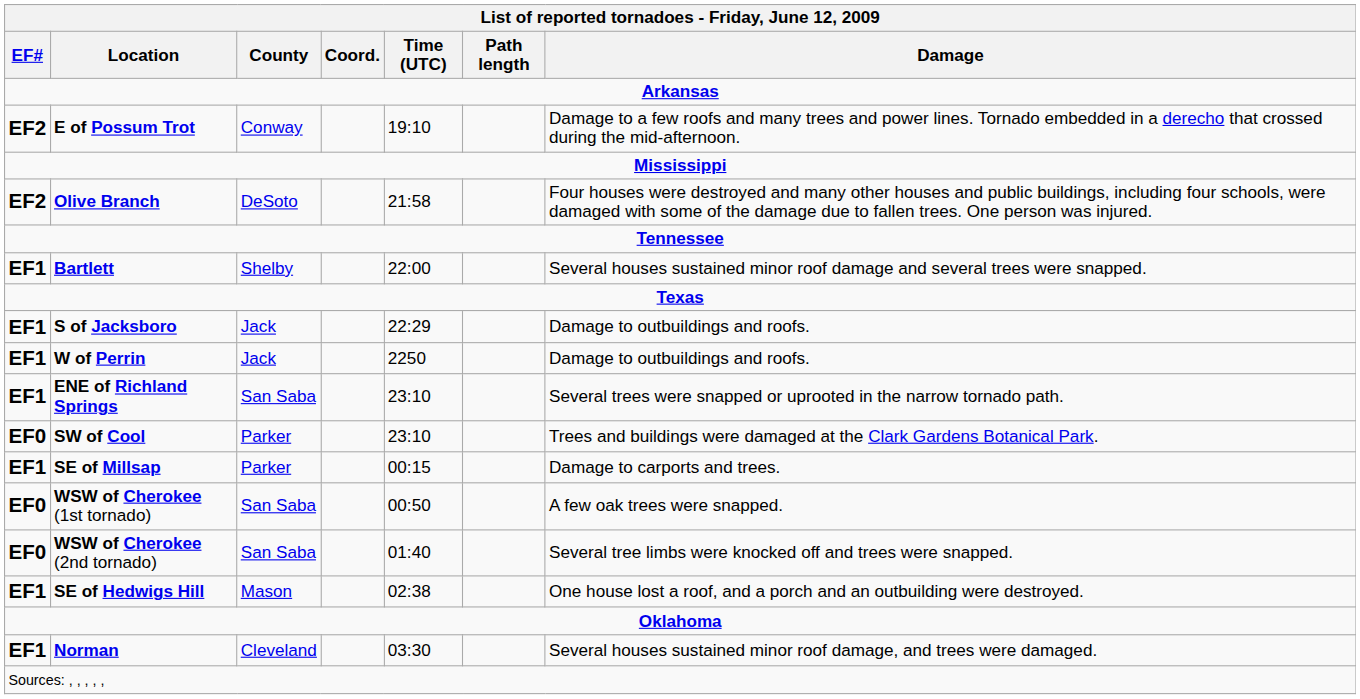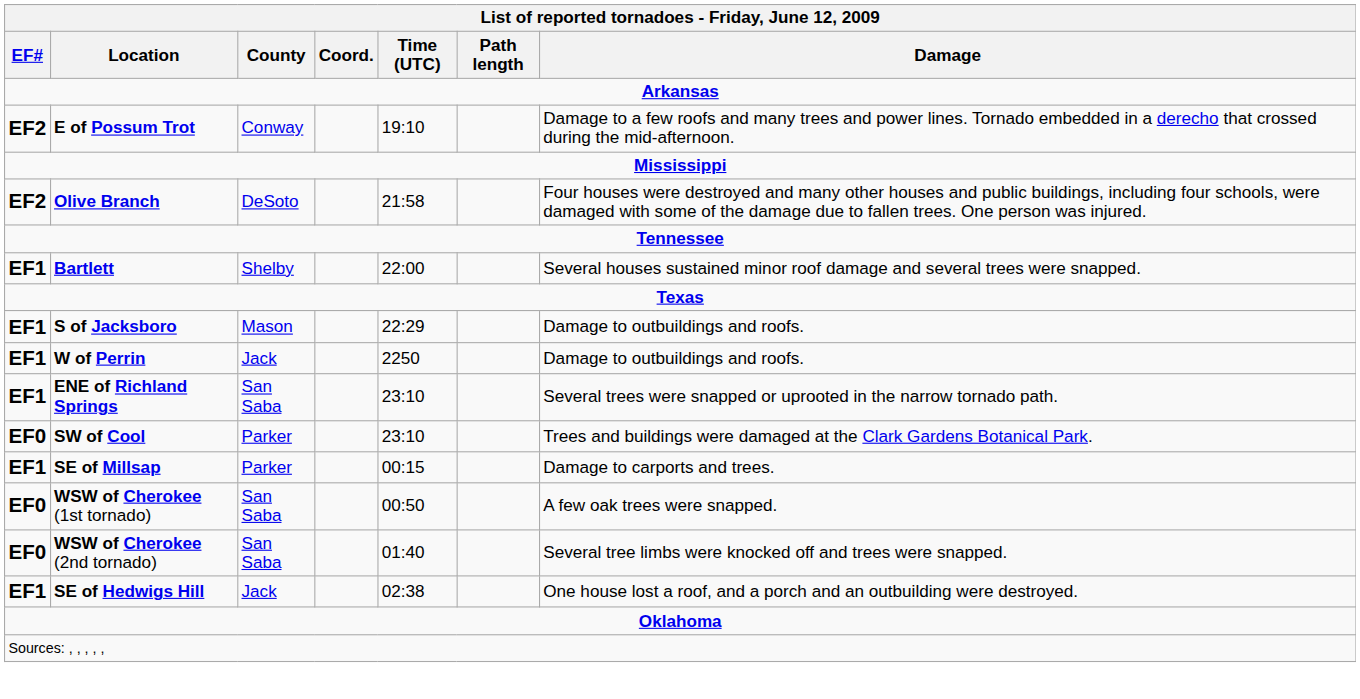 <table class="wikitable collapsible" width="100%">
 <tr>
 <th colspan="7">List of reported tornadoes - Friday, June 12, 2009</th>
 </tr>
 <tr>
 <th><a href='#'>EF#</a></th>
 <th>Location</th>
 <th>County</th>
 <th>Coord.</th>
 <th>Time (UTC)</th>
 <th>Path length</th>
 <th>Damage</th>
 </tr>
 <tr>
 <td colspan="7" align=center><strong><a href='#'>Arkansas</a></strong></td>
 </tr>
 <tr>
 <td><big><strong>EF2</strong></big></td>
 <td><strong>E of <a href='#'>Possum Trot</a></strong></td>
 <td><a href='#'>Conway</a></td>
 <td></td>
 <td>19:10</td>
 <td></td>
 <td>Damage to a few roofs and many trees and power lines. Tornado embedded in a <a href='#'>derecho</a> that crossed during the mid-afternoon.</td>
 </tr>
 <tr>
 <td colspan="7" align=center><strong><a href='#'>Mississippi</a></strong></td>
 </tr>
 <tr>
 <td><big><strong>EF2</strong></big></td>
 <td><strong><a href='#'>Olive Branch</a></strong></td>
 <td><a href='#'>DeSoto</a></td>
 <td></td>
 <td>21:58</td>
 <td></td>
 <td>Four houses were destroyed and many other houses and public buildings, including four schools, were damaged with some of the damage due to fallen trees. One person was injured.</td>
 </tr>
 <tr>
 <td colspan="7" align=center><strong><a href='#'>Tennessee</a></strong></td>
 </tr>
 <tr>
 <td><big><strong>EF1</strong></big></td>
 <td><strong><a href='#'>Bartlett</a></strong></td>
 <td><a href='#'>Shelby</a></td>
 <td></td>
 <td>22:00</td>
 <td></td>
 <td>Several houses sustained minor roof damage and several trees were snapped.</td>
 </tr>
 <tr>
 <td colspan="7" align=center><strong><a href='#'>Texas</a></strong></td>
 </tr>
 <tr>
 <td><big><strong>EF1</strong></big></td>
 <td><strong>S of <a href='#'>Jacksboro</a></strong></td>
-<td><a href='#'>Jack</a></td>
+<td><a href='#'>Mason</a></td>
 <td></td>
 <td>22:29</td>
 <td></td>
 <td>Damage to outbuildings and roofs.</td>
 </tr>
 <tr>
 <td><big><strong>EF1</strong></big></td>
 <td><strong>W of <a href='#'>Perrin</a></strong></td>
 <td><a href='#'>Jack</a></td>
 <td></td>
 <td>2250</td>
 <td></td>
 <td>Damage to outbuildings and roofs.</td>
 </tr>
 <tr>
 <td><big><strong>EF1</strong></big></td>
 <td><strong>ENE of <a href='#'>Richland Springs</a></strong></td>
 <td><a href='#'>San Saba</a></td>
 <td></td>
 <td>23:10</td>
 <td></td>
 <td>Several trees were snapped or uprooted in the narrow tornado path.</td>
 </tr>
 <tr>
 <td><big><strong>EF0</strong></big></td>
 <td><strong>SW of <a href='#'>Cool</a></strong></td>
 <td><a href='#'>Parker</a></td>
 <td></td>
 <td>23:10</td>
 <td></td>
 <td>Trees and buildings were damaged at the <a href='#'>Clark Gardens Botanical Park</a>.</td>
 </tr>
 <tr>
 <td><big><strong>EF1</strong></big></td>
 <td><strong>SE of <a href='#'>Millsap</a></strong></td>
 <td><a href='#'>Parker</a></td>
 <td></td>
 <td>00:15</td>
 <td></td>
 <td>Damage to carports and trees.</td>
 </tr>
 <tr>
 <td><big><strong>EF0</strong></big></td>
 <td><strong>WSW of <a href='#'>Cherokee</a></strong> (1st tornado)</td>
 <td><a href='#'>San Saba</a></td>
 <td></td>
 <td>00:50</td>
 <td></td>
 <td>A few oak trees were snapped.</td>
 </tr>
 <tr>
 <td><big><strong>EF0</strong></big></td>
 <td><strong>WSW of <a href='#'>Cherokee</a></strong> (2nd tornado)</td>
 <td><a href='#'>San Saba</a></td>
 <td></td>
 <td>01:40</td>
 <td></td>
 <td>Several tree limbs were knocked off and trees were snapped.</td>
 </tr>
 <tr>
 <td><big><strong>EF1</strong></big></td>
 <td><strong>SE of <a href='#'>Hedwigs Hill</a></strong></td>
-<td><a href='#'>Mason</a></td>
+<td><a href='#'>Jack</a></td>
 <td></td>
 <td>02:38</td>
 <td></td>
 <td>One house lost a roof, and a porch and an outbuilding were destroyed.</td>
 </tr>
 <tr>
 <td colspan="7" align=center><strong><a href='#'>Oklahoma</a></strong></td>
 </tr>
 <tr>
-<td><big><strong>EF1</strong></big></td>
-<td><strong><a href='#'>Norman</a></strong></td>
-<td><a href='#'>Cleveland</a></td>
-<td></td>
-<td>03:30</td>
-<td></td>
-<td>Several houses sustained minor roof damage, and trees were damaged.</td>
-</tr>
-<tr>
 <td colspan="7"><small>Sources: , , , , , </small></td>
 </tr>
 </table>
